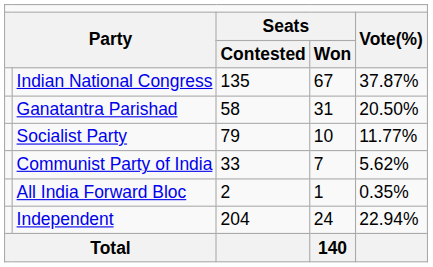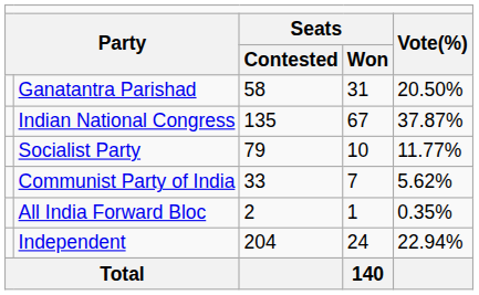 <table class="wikitable">
 <tr>
 <td colspan="5"></td>
 </tr>
 <tr>
 <th colspan="2" rowspan="2">Party</th>
 <th colspan="2">Seats</th>
 <th rowspan="2">Vote(%)</th>
 </tr>
 <tr>
 <th>Contested</th>
 <th>Won</th>
 </tr>
 <tr>
 <td style="background-color: "></td>
+<td><a href='#'>Ganatantra Parishad</a></td>
+<td>58</td>
+<td>31</td>
+<td>20.50%</td>
+</tr>
+<tr>
+<td style="background-color: "></td>
 <td><a href='#'>Indian National Congress</a></td>
 <td>135</td>
 <td>67</td>
 <td>37.87%</td>
-</tr>
-<tr>
-<td style="background-color: "></td>
-<td><a href='#'>Ganatantra Parishad</a></td>
-<td>58</td>
-<td>31</td>
-<td>20.50%</td>
 </tr>
 <tr>
 <td style="background-color: "></td>
 <td><a href='#'>Socialist Party</a></td>
 <td>79</td>
 <td>10</td>
 <td>11.77%</td>
 </tr>
 <tr>
 <td style="background-color: "></td>
 <td><a href='#'>Communist Party of India</a></td>
 <td>33</td>
 <td>7</td>
 <td>5.62%</td>
 </tr>
 <tr>
 <td style="background-color: "></td>
 <td><a href='#'>All India Forward Bloc</a></td>
 <td>2</td>
 <td>1</td>
 <td>0.35%</td>
 </tr>
 <tr>
 <td style="background-color: "></td>
 <td><a href='#'>Independent</a></td>
 <td>204</td>
 <td>24</td>
 <td>22.94%</td>
 </tr>
 <tr>
 <th colspan="2"><strong>Total</strong></th>
 <th></th>
 <th>140</th>
 <th></th>
 </tr>
 </table>
